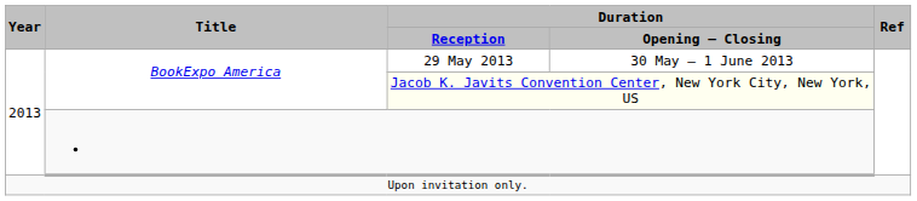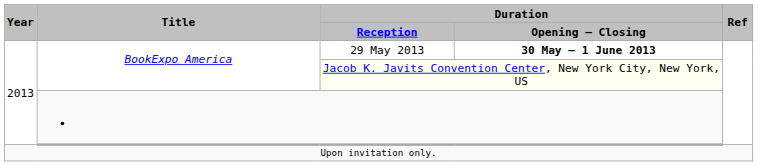 <table class="wikitable">
 <tr>
 <th rowspan=2 style=background-color:#C0C0C0 width=4%>Year</th>
 <th rowspan=2 style=background-color:#C0C0C0 width=38%>Title</th>
 <th colspan=2 style=background-color:#C0C0C0 width=54%>Duration</th>
 <th rowspan=2 style=background-color:#C0C0C0 width=4%>Ref</th>
 </tr>
 <tr>
 <th style=background-color:#C0C0C0 width=18%><a href='#'>Reception</a></th>
 <th style=background-color:#C0C0C0 width=36%>Opening – Closing</th>
 </tr>
 <tr>
 <td rowspan=3 align=center style=background:white>2013</td>
 <td rowspan=2 align=center style=background:white><em><a href='#'>BookExpo America</a></em><br><br></td>
 <td align=center style=background:white>29 May 2013</td>
-<td align=center style=background:white>30 May – 1 June 2013</td>
+<td align=center style=background:white><strong>30 May – 1 June 2013</strong></td>
 <td rowspan=3 align=center style=background:white width=4%><br><br></td>
 </tr>
 <tr>
 <td colspan=2 align=center style=background-color:#FFFFF0><a href='#'>Jacob K. Javits Convention Center</a>, New York City, New York, US</td>
 </tr>
 <tr>
 <td colspan=3 style=border-bottom-width:3px padding:5px width=92%><br><ul><li></li></ul></td>
 </tr>
 <tr>
 <td colspan=5 style=font-size:8pt align=center width=100%>Upon invitation only.</td>
 </tr>
 </table>
